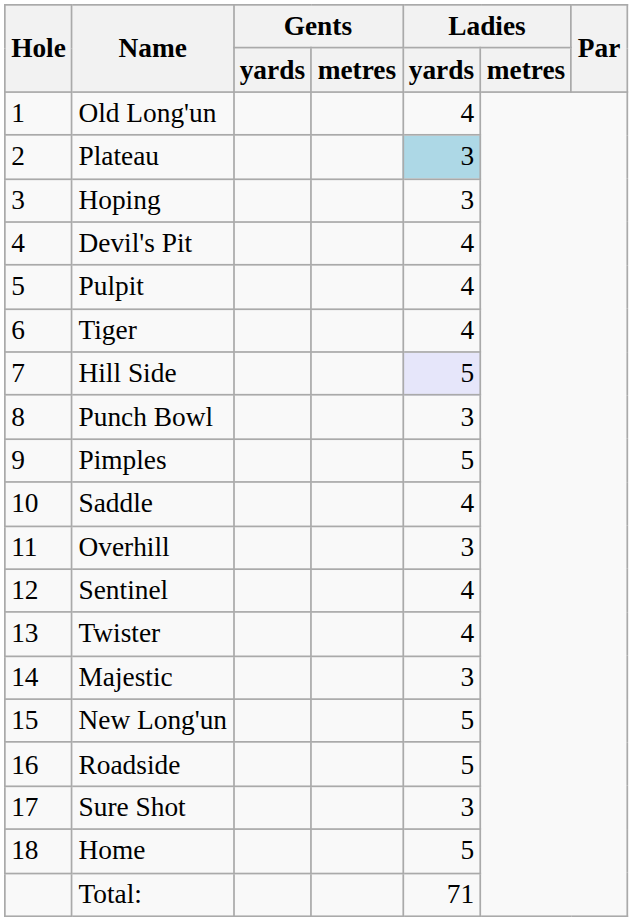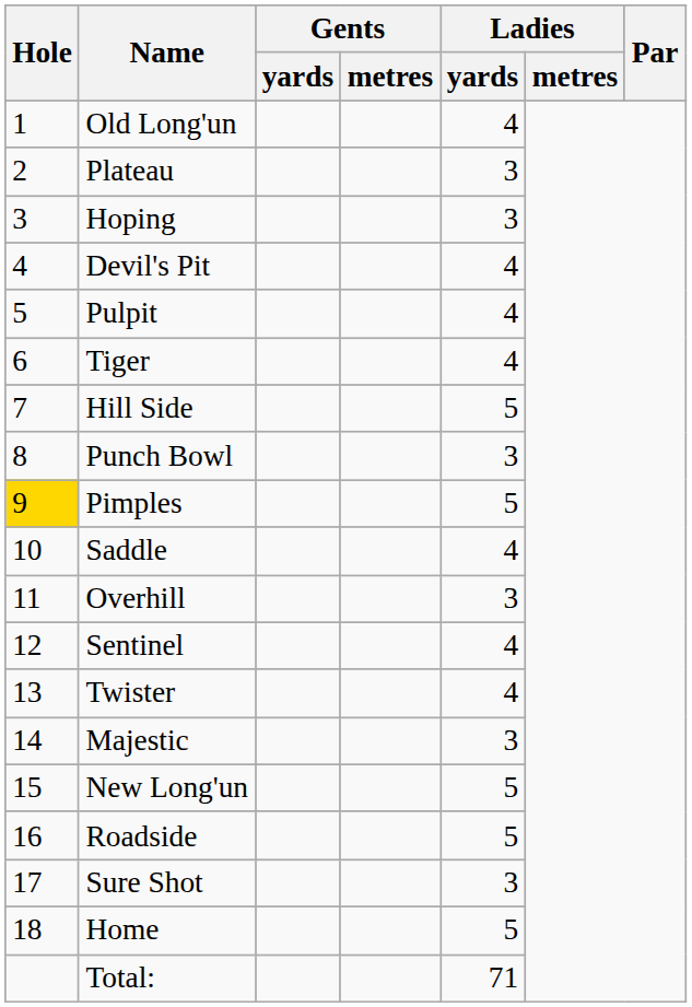 <table class="wikitable sortable" border="1">
 <tr>
 <th rowspan=2>Hole</th>
 <th rowspan=2>Name</th>
 <th colspan=2>Gents</th>
 <th colspan=2>Ladies</th>
 <th rowspan=2>Par</th>
 </tr>
 <tr>
 <th>yards</th>
 <th>metres</th>
 <th>yards</th>
 <th>metres</th>
 </tr>
 <tr>
 <td>1</td>
 <td>Old Long'un</td>
 <td></td>
 <td></td>
 <td align=right>4</td>
 </tr>
 <tr>
 <td>2</td>
 <td>Plateau</td>
 <td></td>
 <td></td>
-<td align=right style="background: lightblue;">3</td>
+<td align=right>3</td>
 </tr>
 <tr>
 <td>3</td>
 <td>Hoping</td>
 <td></td>
 <td></td>
 <td align=right>3</td>
 </tr>
 <tr>
 <td>4</td>
 <td>Devil's Pit</td>
 <td></td>
 <td></td>
 <td align=right>4</td>
 </tr>
 <tr>
 <td>5</td>
 <td>Pulpit</td>
 <td></td>
 <td></td>
 <td align=right>4</td>
 </tr>
 <tr>
 <td>6</td>
 <td>Tiger</td>
 <td></td>
 <td></td>
 <td align=right>4</td>
 </tr>
 <tr>
 <td>7</td>
 <td>Hill Side</td>
 <td></td>
 <td></td>
-<td align=right style="background: lavender;">5</td>
+<td align=right>5</td>
 </tr>
 <tr>
 <td>8</td>
 <td>Punch Bowl</td>
 <td></td>
 <td></td>
 <td align=right>3</td>
 </tr>
 <tr>
-<td>9</td>
+<td style="background: gold;">9</td>
 <td>Pimples</td>
 <td></td>
 <td></td>
 <td align=right>5</td>
 </tr>
 <tr>
 <td>10</td>
 <td>Saddle</td>
 <td></td>
 <td></td>
 <td align=right>4</td>
 </tr>
 <tr>
 <td>11</td>
 <td>Overhill</td>
 <td></td>
 <td></td>
 <td align=right>3</td>
 </tr>
 <tr>
 <td>12</td>
 <td>Sentinel</td>
 <td></td>
 <td></td>
 <td align=right>4</td>
 </tr>
 <tr>
 <td>13</td>
 <td>Twister</td>
 <td></td>
 <td></td>
 <td align=right>4</td>
 </tr>
 <tr>
 <td>14</td>
 <td>Majestic</td>
 <td></td>
 <td></td>
 <td align=right>3</td>
 </tr>
 <tr>
 <td>15</td>
 <td>New Long'un</td>
 <td></td>
 <td></td>
 <td align=right>5</td>
 </tr>
 <tr>
 <td>16</td>
 <td>Roadside</td>
 <td></td>
 <td></td>
 <td align=right>5</td>
 </tr>
 <tr>
 <td>17</td>
 <td>Sure Shot</td>
 <td></td>
 <td></td>
 <td align=right>3</td>
 </tr>
 <tr>
 <td>18</td>
 <td>Home</td>
 <td></td>
 <td></td>
 <td align=right>5</td>
 </tr>
 <tr>
 <td></td>
 <td>Total:</td>
 <td></td>
 <td></td>
 <td align=right>71</td>
 </tr>
 </table>
